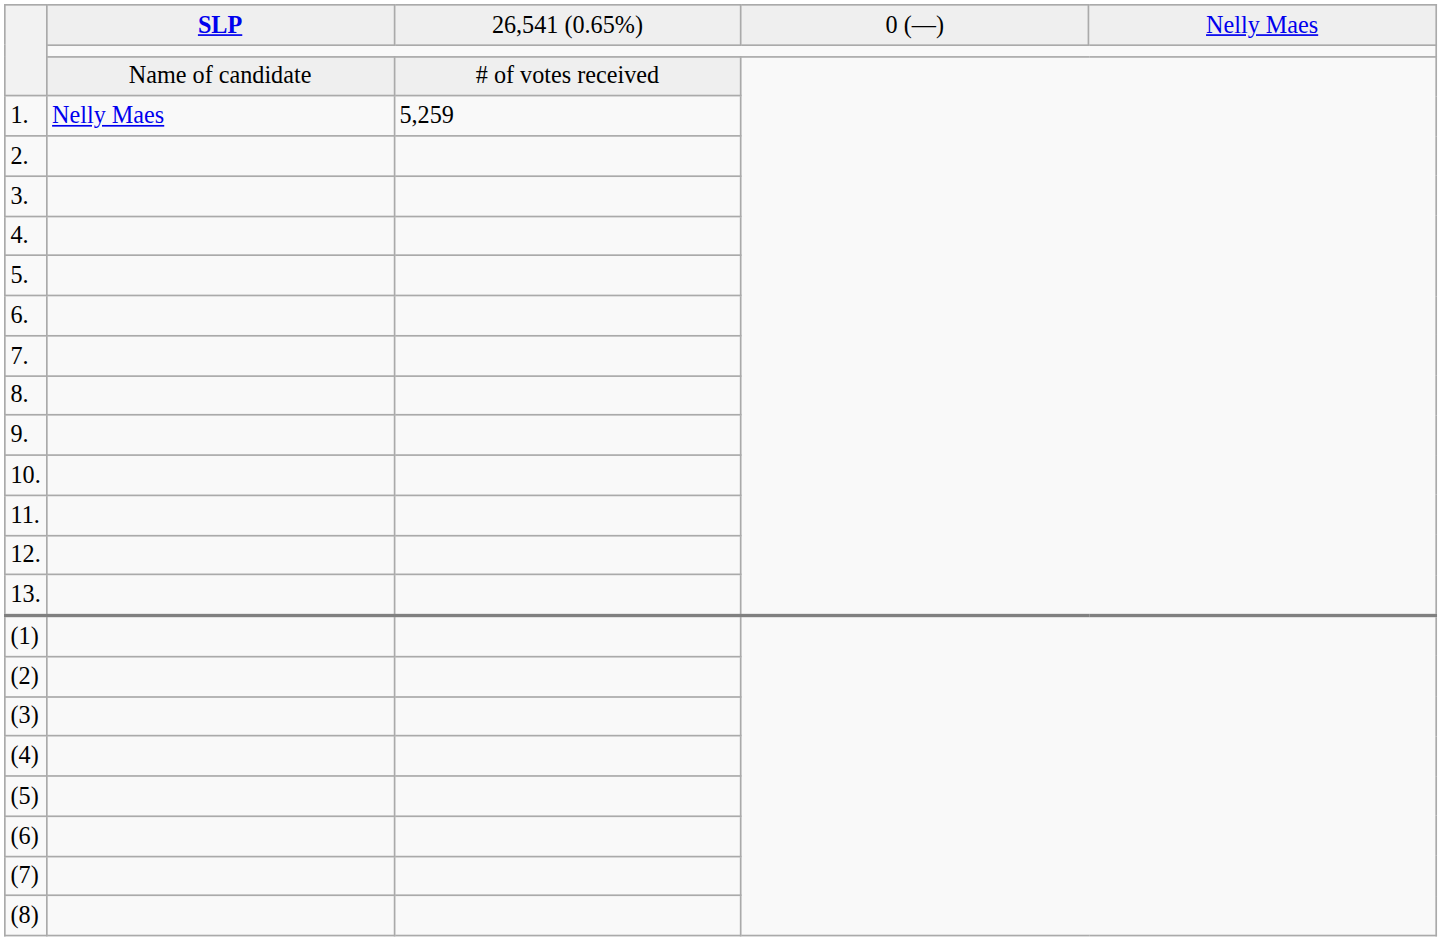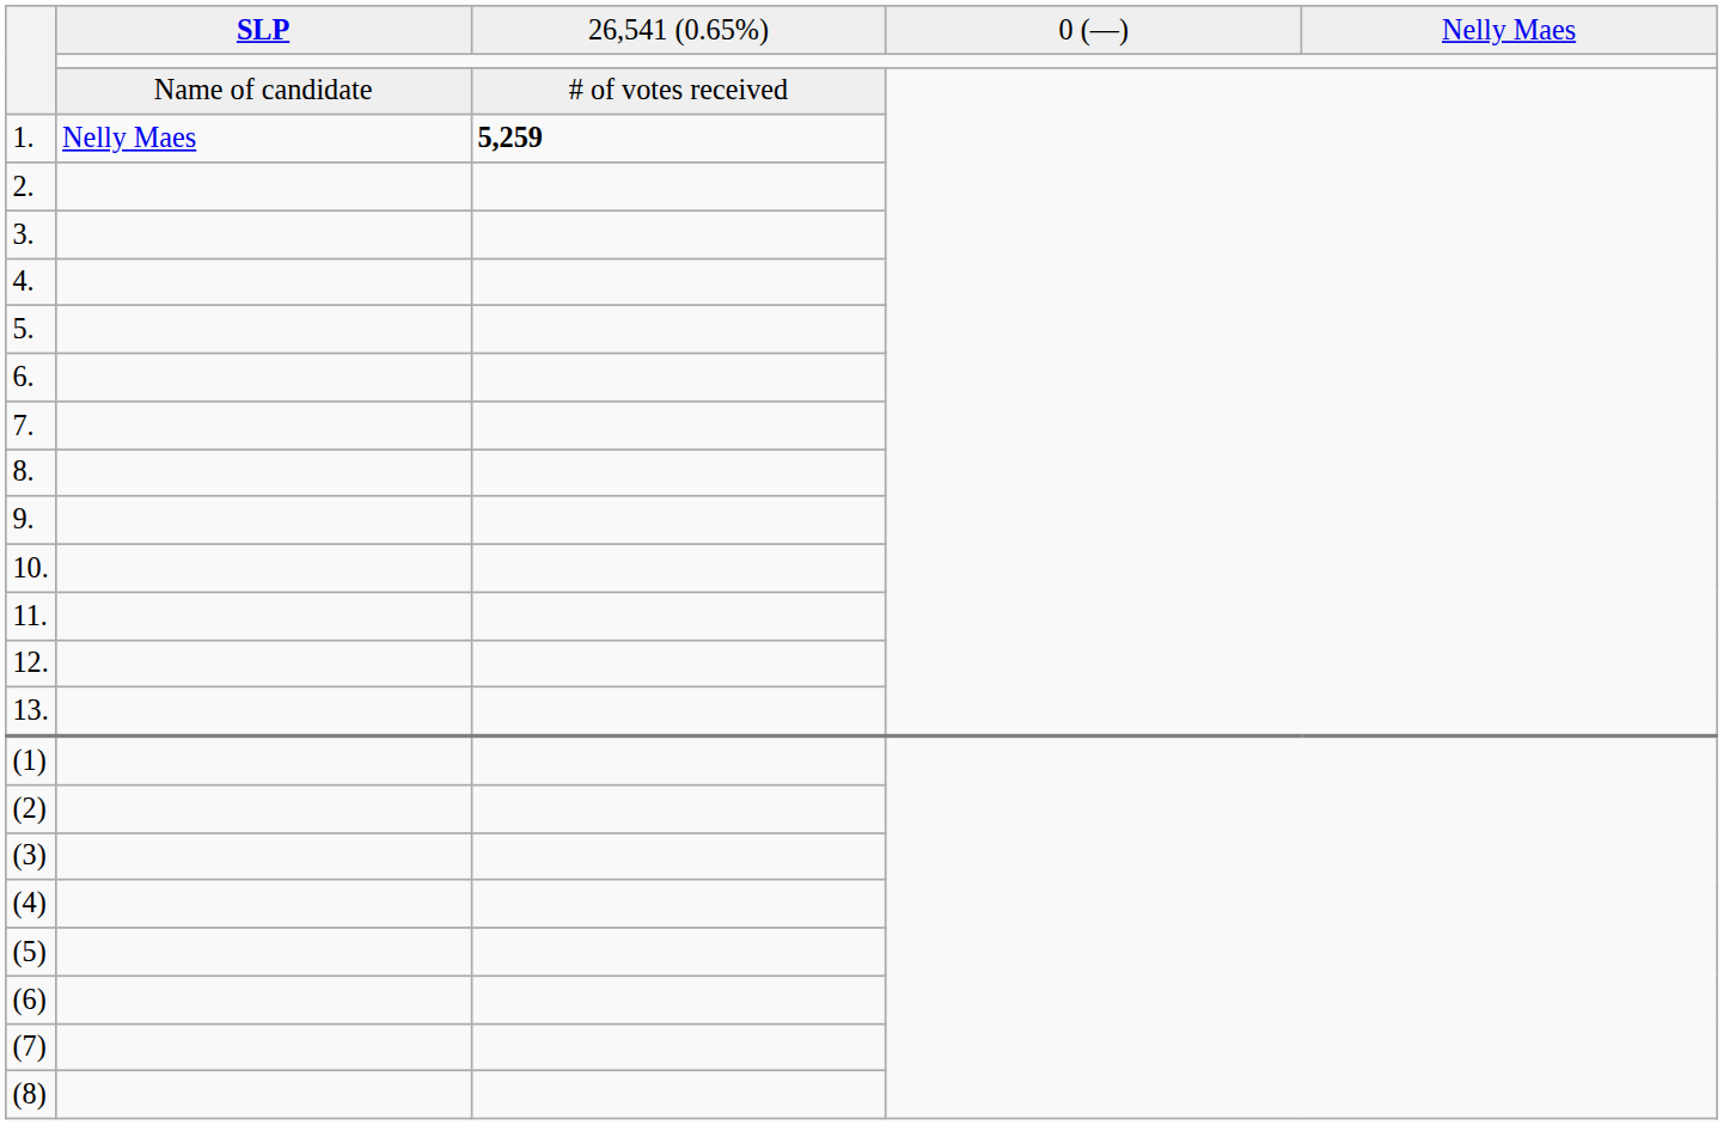 <table class="wikitable collapsible collapsed" style=text-align:left;font-size:90%>
 <tr>
 <th rowspan=3></th>
 <td bgcolor=efefef width=200 align=center><strong> <a href='#'>SLP</a></strong></td>
 <td bgcolor=efefef width=200 align=center>26,541 (0.65%)</td>
 <td bgcolor=efefef width=200 align=center>0 (—)</td>
 <td bgcolor=efefef width=200 align=center><a href='#'>Nelly Maes</a></td>
 </tr>
 <tr>
 <td colspan=4 bgcolor=></td>
 </tr>
 <tr>
 <td bgcolor=efefef align=center>Name of candidate</td>
 <td bgcolor=efefef align=center># of votes received</td>
 </tr>
 <tr>
 <td>1.</td>
 <td><a href='#'>Nelly Maes</a></td>
-<td>5,259</td>
+<td><strong>5,259</strong></td>
 </tr>
 <tr>
 <td>2.</td>
 <td></td>
 <td></td>
 </tr>
 <tr>
 <td>3.</td>
 <td></td>
 <td></td>
 </tr>
 <tr>
 <td>4.</td>
 <td></td>
 <td></td>
 </tr>
 <tr>
 <td>5.</td>
 <td></td>
 <td></td>
 </tr>
 <tr>
 <td>6.</td>
 <td></td>
 <td></td>
 </tr>
 <tr>
 <td>7.</td>
 <td></td>
 <td></td>
 </tr>
 <tr>
 <td>8.</td>
 <td></td>
 <td></td>
 </tr>
 <tr>
 <td>9.</td>
 <td></td>
 <td></td>
 </tr>
 <tr>
 <td>10.</td>
 <td></td>
 <td></td>
 </tr>
 <tr>
 <td>11.</td>
 <td></td>
 <td></td>
 </tr>
 <tr>
 <td>12.</td>
 <td></td>
 <td></td>
 </tr>
 <tr>
 <td>13.</td>
 <td></td>
 <td></td>
 </tr>
 <tr style="border-top:2px solid gray;">
 <td>(1)</td>
 <td></td>
 <td></td>
 </tr>
 <tr>
 <td>(2)</td>
 <td></td>
 <td></td>
 </tr>
 <tr>
 <td>(3)</td>
 <td></td>
 <td></td>
 </tr>
 <tr>
 <td>(4)</td>
 <td></td>
 <td></td>
 </tr>
 <tr>
 <td>(5)</td>
 <td></td>
 <td></td>
 </tr>
 <tr>
 <td>(6)</td>
 <td></td>
 <td></td>
 </tr>
 <tr>
 <td>(7)</td>
 <td></td>
 <td></td>
 </tr>
 <tr>
 <td>(8)</td>
 <td></td>
 <td></td>
 </tr>
 </table>
